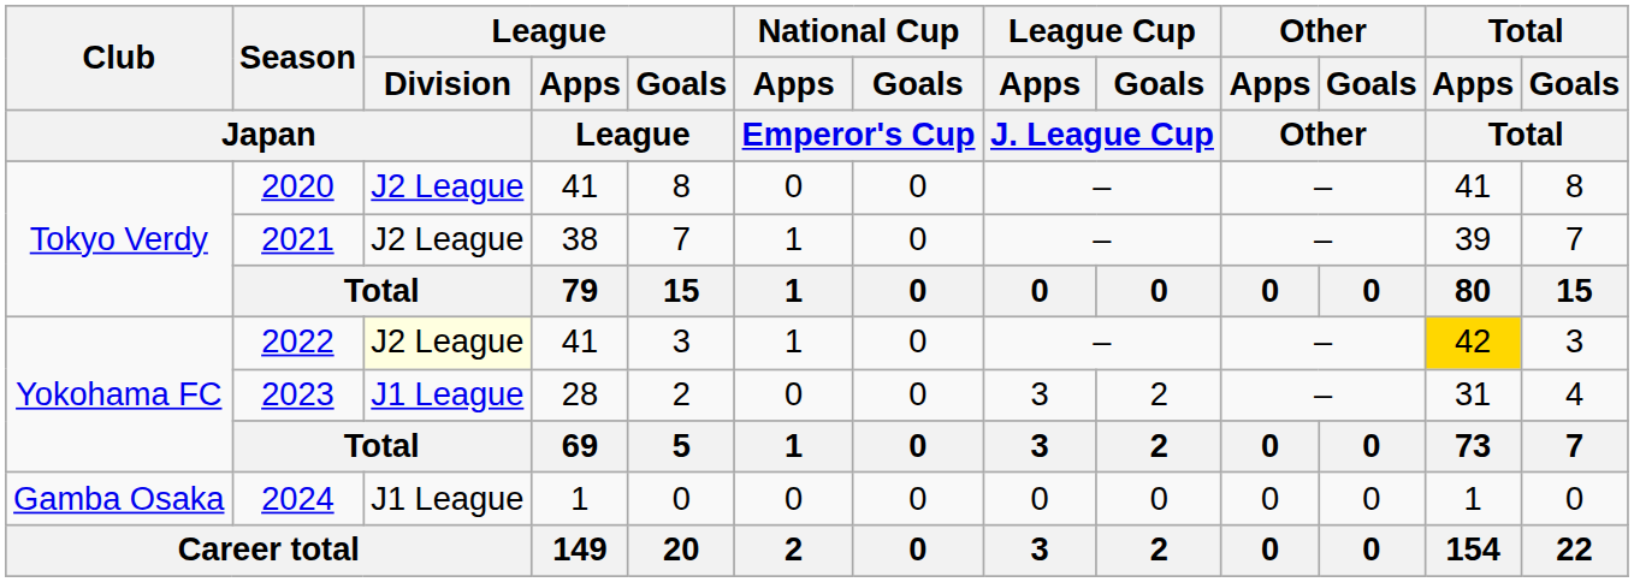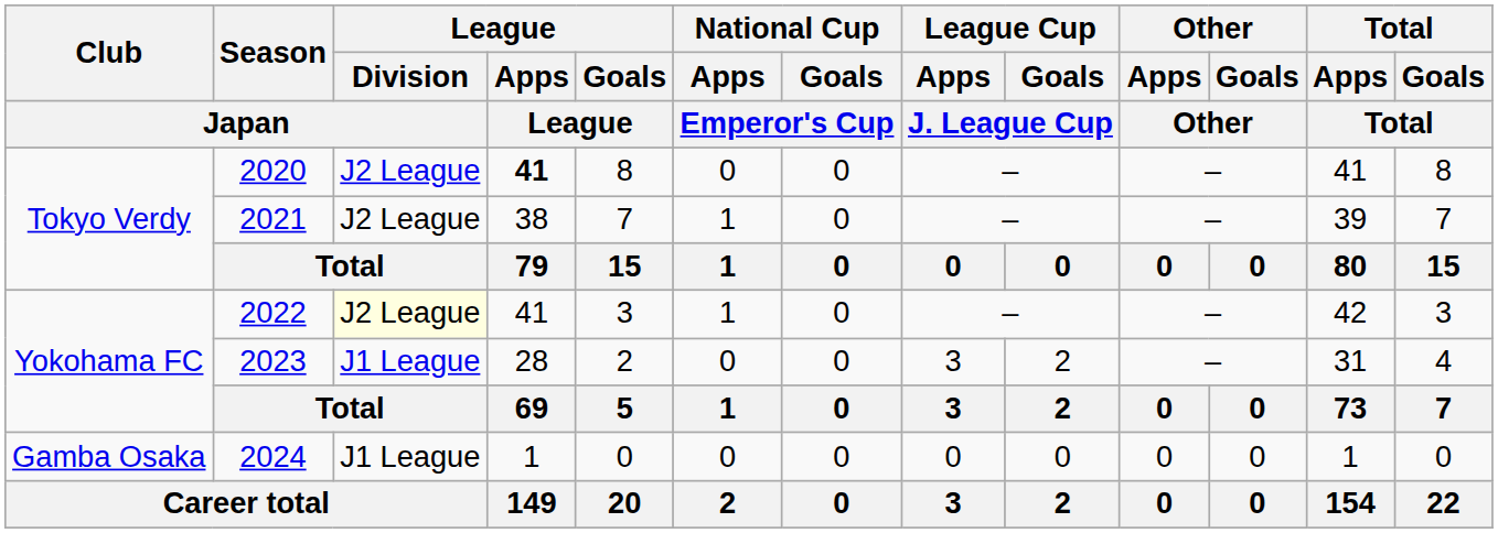 <table class="wikitable" style="text-align:center">
 <tr>
 <th rowspan=2>Club</th>
 <th rowspan=2>Season</th>
 <th colspan=3>League</th>
 <th colspan=2>National Cup</th>
 <th colspan=2>League Cup</th>
 <th colspan=2>Other</th>
 <th colspan=2>Total</th>
 </tr>
 <tr>
 <th>Division</th>
 <th>Apps</th>
 <th>Goals</th>
 <th>Apps</th>
 <th>Goals</th>
 <th>Apps</th>
 <th>Goals</th>
 <th>Apps</th>
 <th>Goals</th>
 <th>Apps</th>
 <th>Goals</th>
 </tr>
 <tr>
 <th colspan=3>Japan</th>
 <th colspan=2>League</th>
 <th colspan=2><a href='#'>Emperor's Cup</a></th>
 <th colspan=2><a href='#'>J. League Cup</a></th>
 <th colspan=2>Other</th>
 <th colspan=2>Total</th>
 </tr>
 <tr>
 <td rowspan="3"><a href='#'>Tokyo Verdy</a></td>
 <td><a href='#'>2020</a></td>
 <td><a href='#'>J2 League</a></td>
-<td>41</td>
+<td><strong>41</strong></td>
 <td>8</td>
 <td>0</td>
 <td>0</td>
 <td colspan="2">–</td>
 <td colspan="2">–</td>
 <td>41</td>
 <td>8</td>
 </tr>
 <tr>
 <td><a href='#'>2021</a></td>
 <td>J2 League</td>
 <td>38</td>
 <td>7</td>
 <td>1</td>
 <td>0</td>
 <td colspan="2">–</td>
 <td colspan="2">–</td>
 <td>39</td>
 <td>7</td>
 </tr>
 <tr>
 <th colspan="2">Total</th>
 <th>79</th>
 <th>15</th>
 <th>1</th>
 <th>0</th>
 <th>0</th>
 <th>0</th>
 <th>0</th>
 <th>0</th>
 <th>80</th>
 <th>15</th>
 </tr>
 <tr>
 <td rowspan="3"><a href='#'>Yokohama FC</a></td>
 <td><a href='#'>2022</a></td>
 <td style="background: lightyellow;">J2 League</td>
 <td>41</td>
 <td>3</td>
 <td>1</td>
 <td>0</td>
 <td colspan="2">–</td>
 <td colspan="2">–</td>
-<td style="background: gold;">42</td>
+<td>42</td>
 <td>3</td>
 </tr>
 <tr>
 <td><a href='#'>2023</a></td>
 <td><a href='#'>J1 League</a></td>
 <td>28</td>
 <td>2</td>
 <td>0</td>
 <td>0</td>
 <td>3</td>
 <td>2</td>
 <td colspan="2">–</td>
 <td>31</td>
 <td>4</td>
 </tr>
 <tr>
 <th colspan="2">Total</th>
 <th>69</th>
 <th>5</th>
 <th>1</th>
 <th>0</th>
 <th>3</th>
 <th>2</th>
 <th>0</th>
 <th>0</th>
 <th>73</th>
 <th>7</th>
 </tr>
 <tr>
 <td rowspan="1"><a href='#'>Gamba Osaka</a></td>
 <td><a href='#'>2024</a></td>
 <td>J1 League</td>
 <td>1</td>
 <td>0</td>
 <td>0</td>
 <td>0</td>
 <td>0</td>
 <td>0</td>
 <td>0</td>
 <td>0</td>
 <td>1</td>
 <td>0</td>
 </tr>
 <tr>
 <th colspan=3>Career total</th>
 <th>149</th>
 <th>20</th>
 <th>2</th>
 <th>0</th>
 <th>3</th>
 <th>2</th>
 <th>0</th>
 <th>0</th>
 <th>154</th>
 <th>22</th>
 </tr>
 </table>
